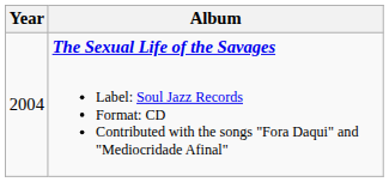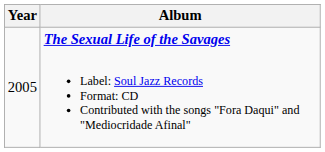 <table class="wikitable">
 <tr>
 <th>Year</th>
 <th style="width:300px;">Album</th>
 </tr>
 <tr>
-<td>2004</td>
+<td>2005</td>
 <td align=left><strong><em><a href='#'>The Sexual Life of the Savages</a></em></strong><small><div><br><ul><li>Label: <a href='#'>Soul Jazz Records</a></li><li>Format: CD</li><li>Contributed with the songs "Fora Daqui" and "Mediocridade Afinal"</li></ul></div></small></td>
 </tr>
 </table>
